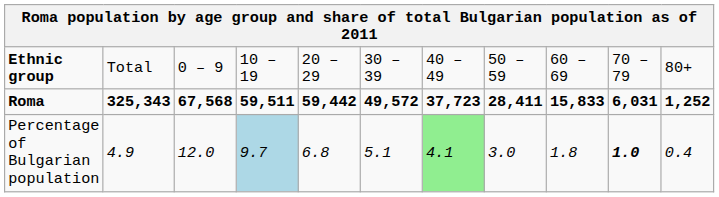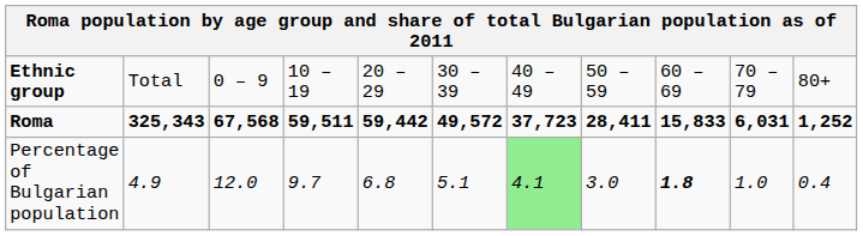 <table class="wikitable" width="400px">
 <tr>
 <th colspan=19>Roma population by age group and share of total Bulgarian population as of 2011</th>
 </tr>
 <tr>
 <td><strong>Ethnic group</strong></td>
 <td>Total</td>
 <td>0 – 9</td>
 <td>10 – 19</td>
 <td>20 – 29</td>
 <td>30 – 39</td>
 <td>40 – 49</td>
 <td>50 – 59</td>
 <td>60 – 69</td>
 <td>70 – 79</td>
 <td>80+</td>
 </tr>
 <tr>
 <td><strong>Roma</strong></td>
 <td><strong>325,343</strong></td>
 <td><strong>67,568</strong></td>
 <td><strong>59,511</strong></td>
 <td><strong>59,442</strong></td>
 <td><strong>49,572</strong></td>
 <td><strong>37,723</strong></td>
 <td><strong>28,411</strong></td>
 <td><strong>15,833</strong></td>
 <td><strong>6,031</strong></td>
 <td><strong>1,252</strong></td>
 </tr>
 <tr>
 <td>Percentage of Bulgarian population</td>
 <td><em>4.9</em></td>
 <td><em>12.0</em></td>
-<td style="background: lightblue;"><em>9.7</em></td>
+<td><em>9.7</em></td>
 <td><em>6.8</em></td>
 <td><em>5.1</em></td>
 <td style="background: lightgreen;"><em>4.1</em></td>
 <td><em>3.0</em></td>
-<td><em>1.8</em></td>
-<td><strong><em>1.0</em></strong></td>
+<td><strong><em>1.8</em></strong></td>
+<td><em>1.0</em></td>
 <td><em>0.4</em></td>
 </tr>
 </table>
